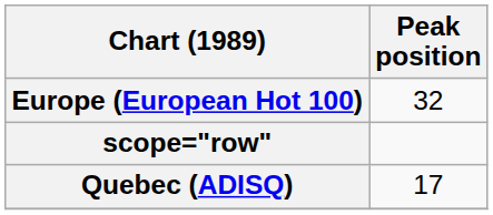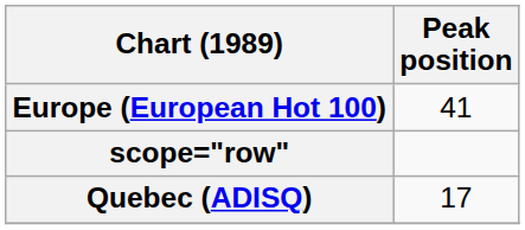 <table class="wikitable sortable plainrowheaders">
 <tr>
 <th>Chart (1989)</th>
 <th>Peak<br>position</th>
 </tr>
 <tr>
 <th scope="row">Europe (<a href='#'>European Hot 100</a>)</th>
-<td align="center">32</td>
+<td align="center">41</td>
 </tr>
 <tr>
 <th>scope="row"</th>
 </tr>
 <tr>
 <th scope="row">Quebec (<a href='#'>ADISQ</a>)</th>
 <td align="center">17</td>
 </tr>
 <tr>
 </tr>
 </table>
